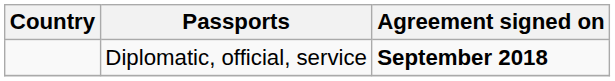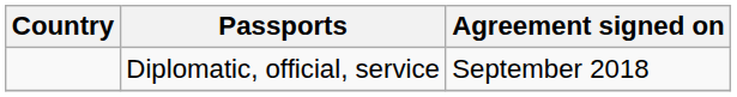 <table class="wikitable">
 <tr>
 <th>Country</th>
 <th>Passports</th>
 <th>Agreement signed on</th>
 </tr>
 <tr>
 <td></td>
 <td>Diplomatic, official, service</td>
-<td><strong>September 2018</strong></td>
+<td>September 2018</td>
 </tr>
 <tr>
 </tr>
 </table>
